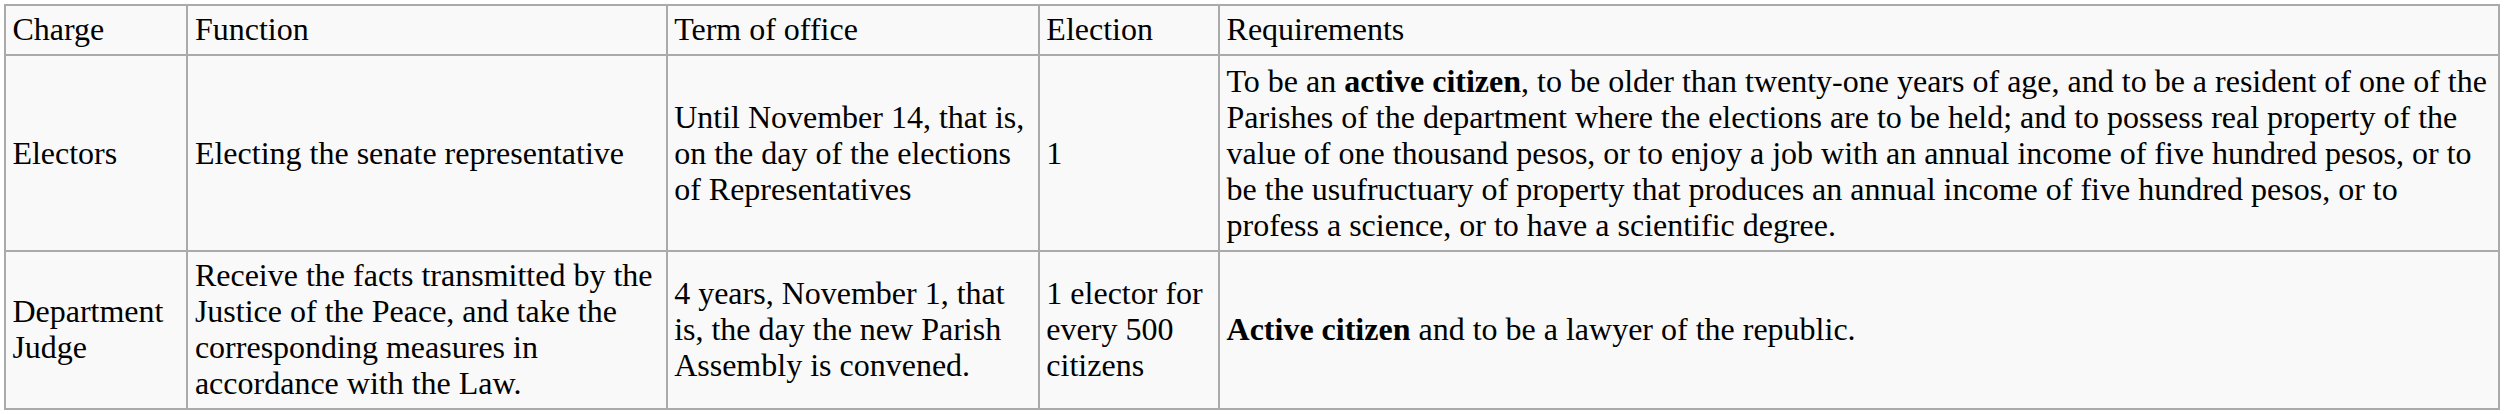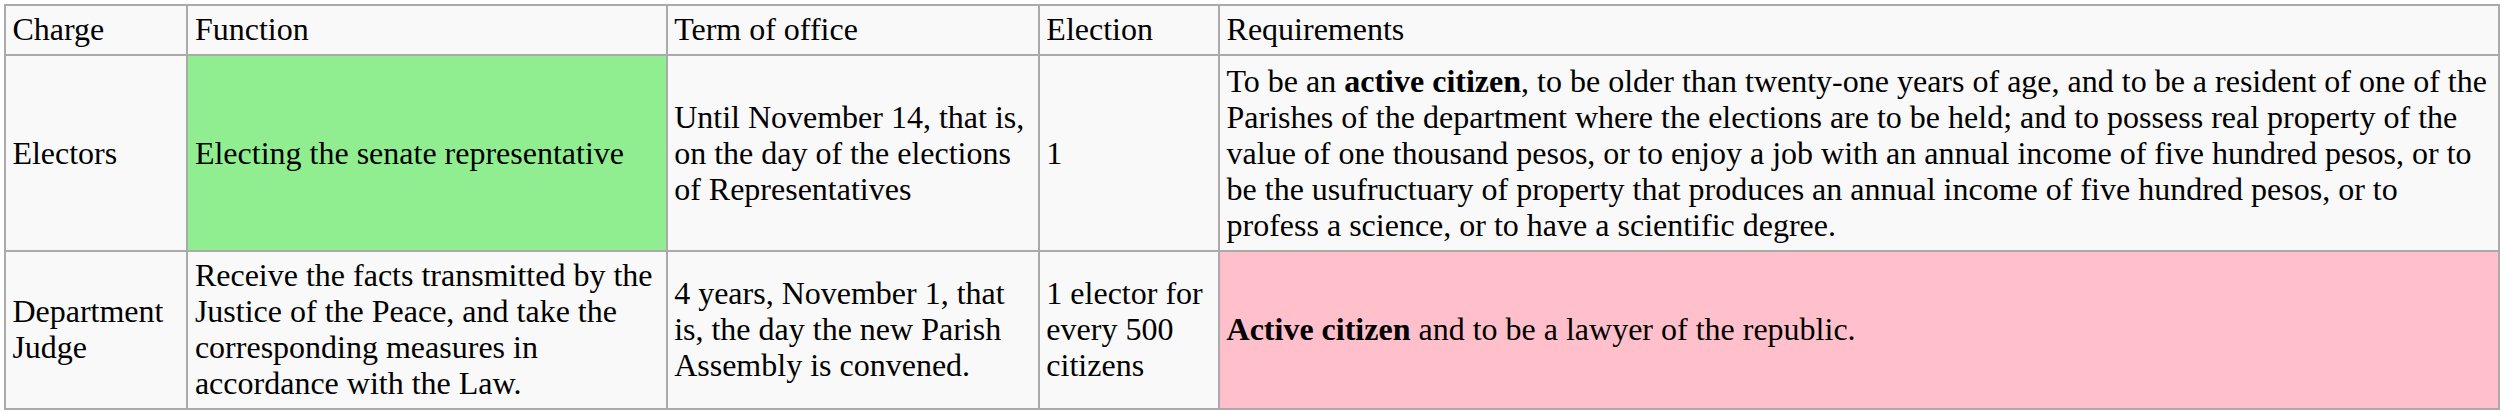 <table class="wikitable">
 <tr>
 <td>Charge</td>
 <td>Function</td>
 <td>Term of office</td>
 <td>Election</td>
 <td>Requirements</td>
 </tr>
 <tr>
 <td>Electors</td>
-<td>Electing the senate representative</td>
+<td style="background: lightgreen;">Electing the senate representative</td>
 <td>Until November 14, that is, on the day of the elections of Representatives</td>
 <td>1</td>
 <td>To be an <span><strong>active citizen</strong></span>, to be older than twenty-one years of age, and to be a resident of one of the Parishes of the department where the elections are to be held; and to possess real property of the value of one thousand pesos, or to enjoy a job with an annual income of five hundred pesos, or to be the usufructuary of property that produces an annual income of five hundred pesos, or to profess a science, or to have a scientific degree.</td>
 </tr>
 <tr>
 <td>Department Judge</td>
 <td>Receive the facts transmitted by the Justice of the Peace, and take the corresponding measures in accordance with the Law.</td>
 <td>4 years, November 1, that is, the day the new Parish Assembly is convened.</td>
 <td>1 elector for every 500 citizens</td>
-<td><span><strong>Active citizen</strong></span> and to be a lawyer of the republic.</td>
+<td style="background: pink;"><span><strong>Active citizen</strong></span> and to be a lawyer of the republic.</td>
 </tr>
 </table>
